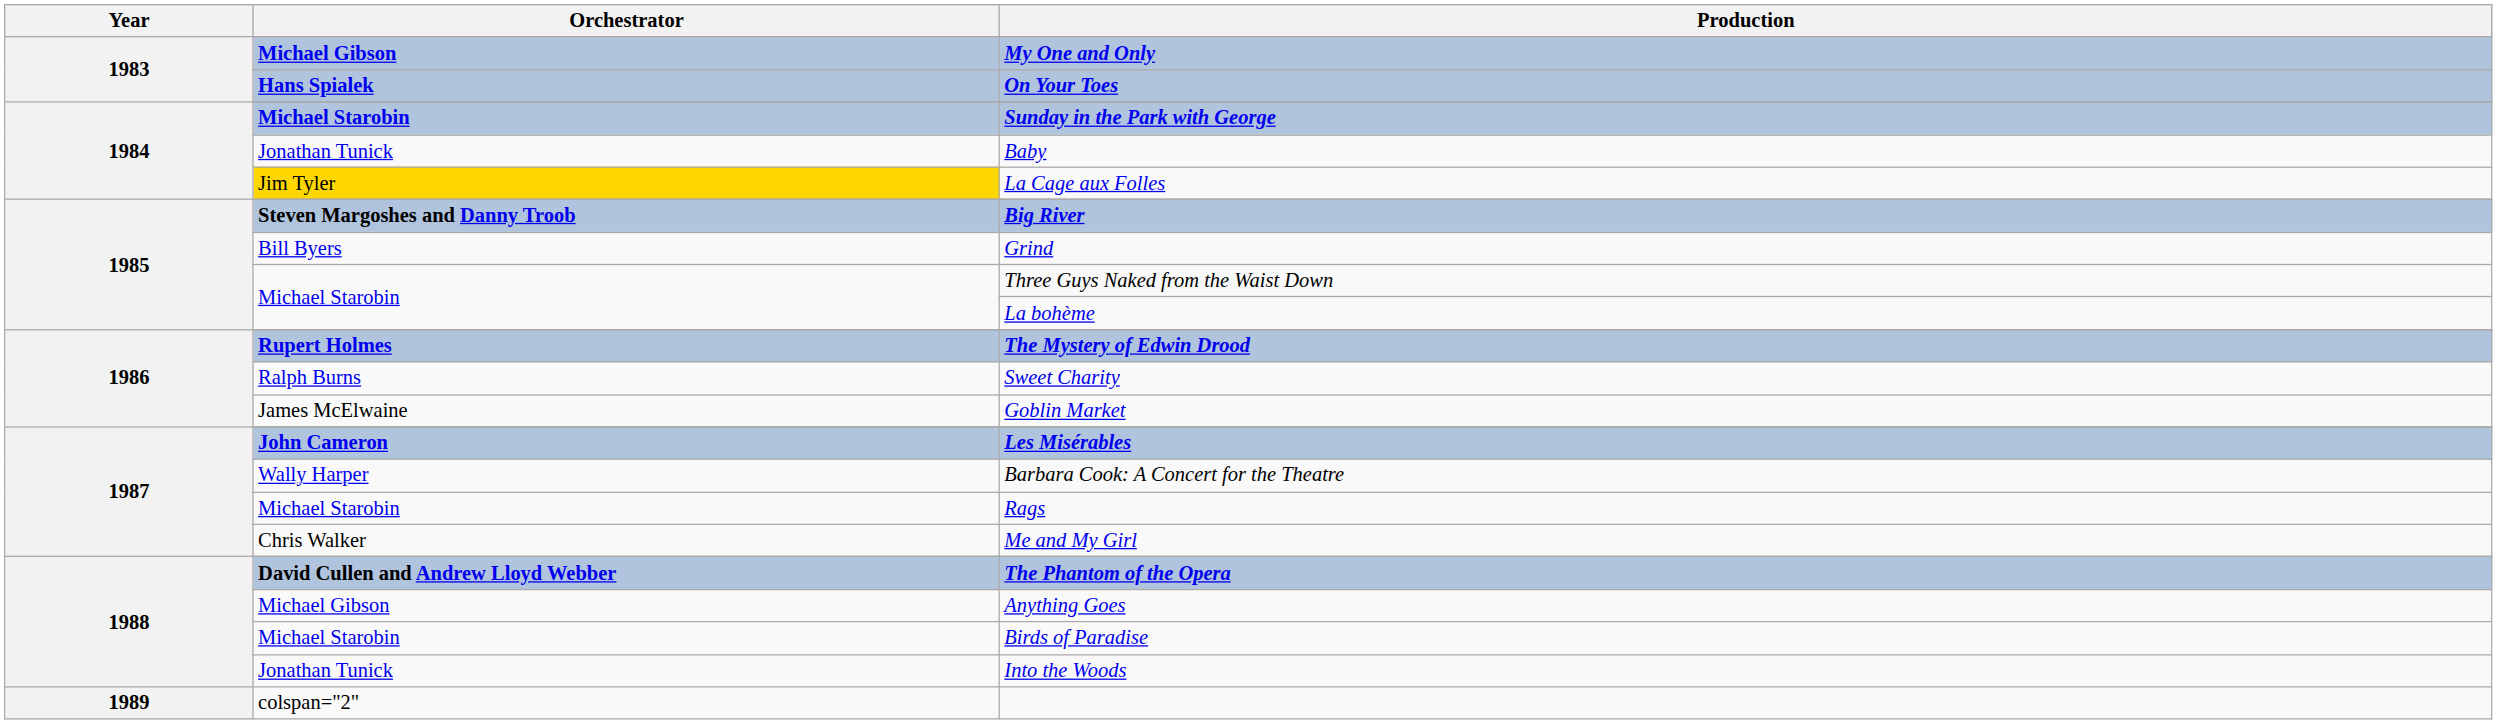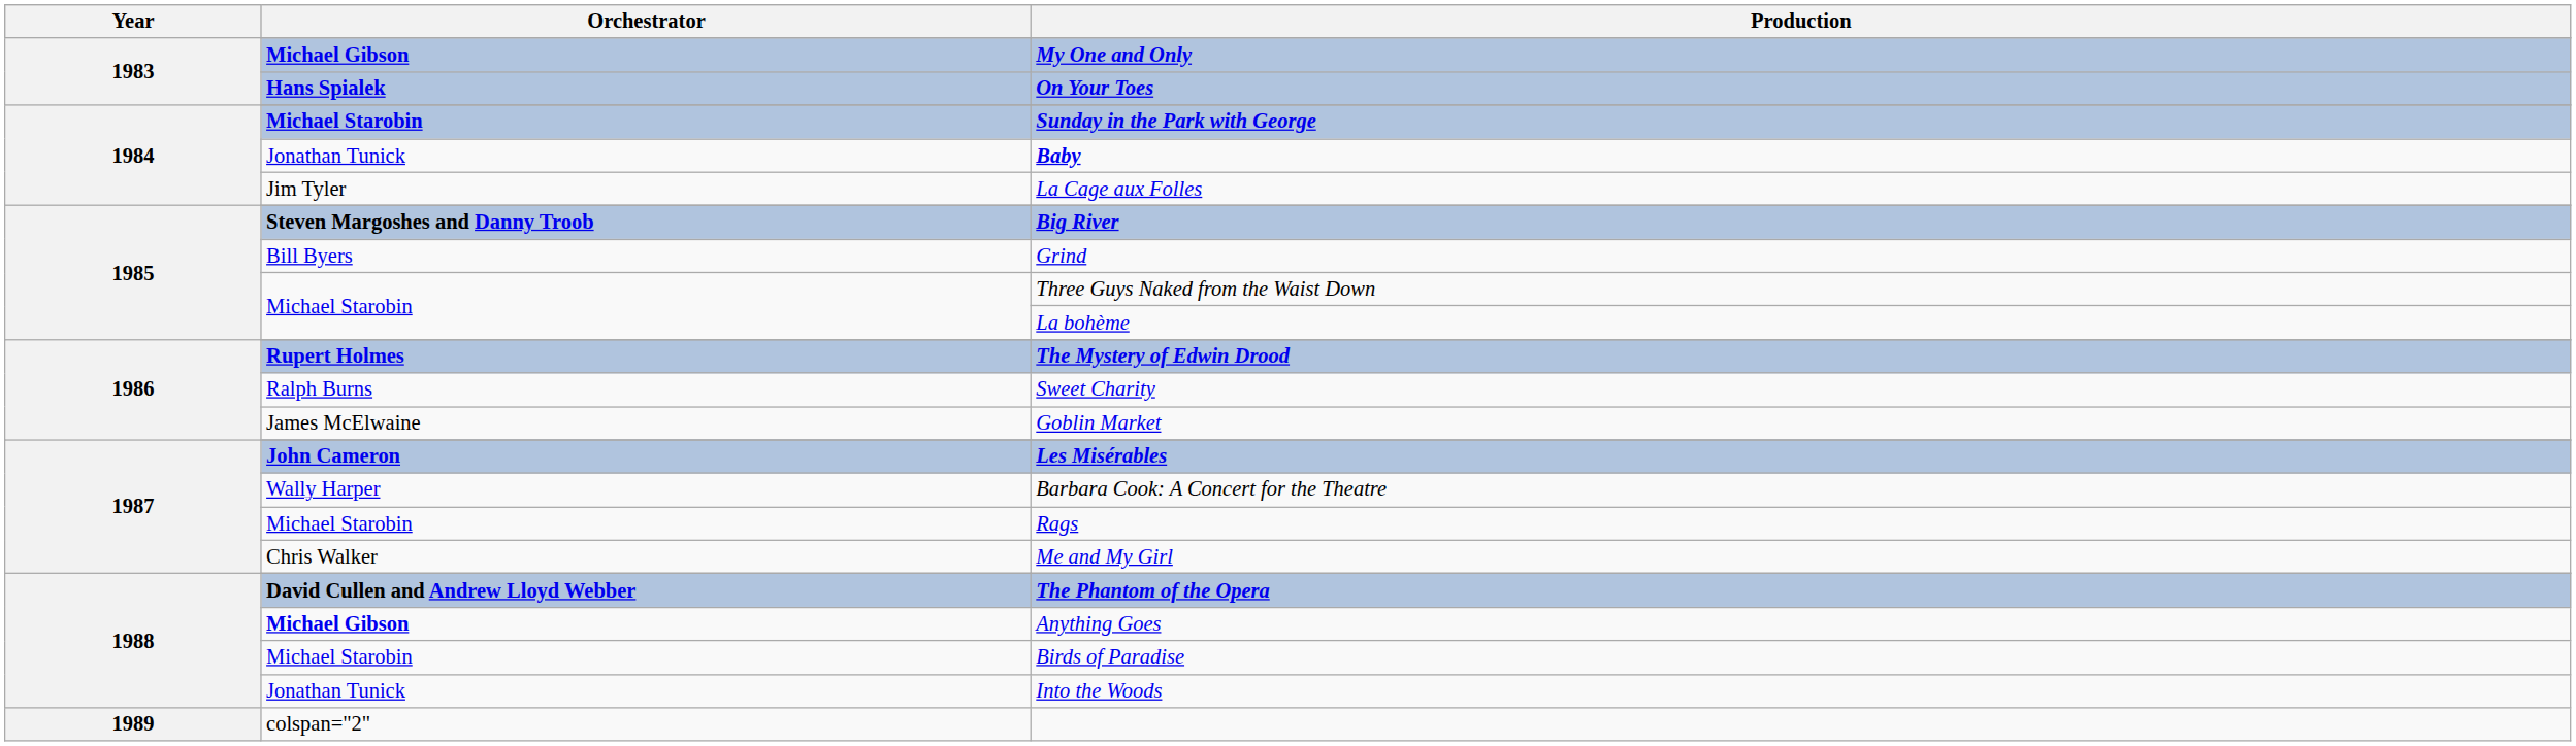 <table class="wikitable" style="width:98%;">
 <tr style="background:#bebebe;">
 <th style="width:10%;">Year</th>
 <th style="width:30%;">Orchestrator</th>
 <th style="width:60%;">Production</th>
 </tr>
 <tr>
 <th rowspan="3">1983</th>
 </tr>
 <tr style="background:#B0C4DE">
 <td><strong><a href='#'>Michael Gibson</a></strong></td>
 <td><strong><em><a href='#'>My One and Only</a></em></strong></td>
 </tr>
 <tr style="background:#B0C4DE">
 <td><strong><a href='#'>Hans Spialek</a></strong></td>
 <td><strong><em><a href='#'>On Your Toes</a></em></strong></td>
 </tr>
 <tr>
 <th rowspan="4">1984</th>
 </tr>
 <tr style="background:#B0C4DE">
 <td><strong><a href='#'>Michael Starobin</a></strong></td>
 <td><strong><em><a href='#'>Sunday in the Park with George</a></em></strong></td>
 </tr>
 <tr>
 <td><a href='#'>Jonathan Tunick</a></td>
-<td><em><a href='#'>Baby</a></em></td>
+<td><strong><em><a href='#'>Baby</a></em></strong></td>
 </tr>
 <tr>
-<td style="background: gold;">Jim Tyler</td>
+<td>Jim Tyler</td>
 <td><em><a href='#'>La Cage aux Folles</a></em></td>
 </tr>
 <tr>
 <th rowspan="5">1985</th>
 </tr>
 <tr style="background:#B0C4DE">
 <td><strong>Steven Margoshes and <a href='#'>Danny Troob</a></strong></td>
 <td><strong><em><a href='#'>Big River</a></em></strong></td>
 </tr>
 <tr>
 <td><a href='#'>Bill Byers</a></td>
 <td><em><a href='#'>Grind</a></em></td>
 </tr>
 <tr>
 <td rowspan="2"><a href='#'>Michael Starobin</a></td>
 <td><em>Three Guys Naked from the Waist Down</em></td>
 </tr>
 <tr>
 <td><em><a href='#'>La bohème</a></em></td>
 </tr>
 <tr>
 <th rowspan="4">1986</th>
 </tr>
 <tr style="background:#B0C4DE">
 <td><strong><a href='#'>Rupert Holmes</a></strong></td>
 <td><strong><em><a href='#'>The Mystery of Edwin Drood</a></em></strong></td>
 </tr>
 <tr>
 <td><a href='#'>Ralph Burns</a></td>
 <td><em><a href='#'>Sweet Charity</a></em></td>
 </tr>
 <tr>
 <td>James McElwaine</td>
 <td><em><a href='#'>Goblin Market</a></em></td>
 </tr>
 <tr>
 <th rowspan="5">1987</th>
 </tr>
 <tr style="background:#B0C4DE">
 <td><strong><a href='#'>John Cameron</a></strong></td>
 <td><strong><em><a href='#'>Les Misérables</a></em></strong></td>
 </tr>
 <tr>
 <td><a href='#'>Wally Harper</a></td>
 <td><em>Barbara Cook: A Concert for the Theatre</em></td>
 </tr>
 <tr>
 <td><a href='#'>Michael Starobin</a></td>
 <td><em><a href='#'>Rags</a></em></td>
 </tr>
 <tr>
 <td>Chris Walker</td>
 <td><em><a href='#'>Me and My Girl</a></em></td>
 </tr>
 <tr>
 <th rowspan="5">1988</th>
 </tr>
 <tr style="background:#B0C4DE">
 <td><strong>David Cullen and <a href='#'>Andrew Lloyd Webber</a></strong></td>
 <td><strong><em><a href='#'>The Phantom of the Opera</a></em></strong></td>
 </tr>
 <tr>
-<td><a href='#'>Michael Gibson</a></td>
+<td><strong><a href='#'>Michael Gibson</a></strong></td>
 <td><em><a href='#'>Anything Goes</a></em></td>
 </tr>
 <tr>
 <td><a href='#'>Michael Starobin</a></td>
 <td><em><a href='#'>Birds of Paradise</a></em></td>
 </tr>
 <tr>
 <td><a href='#'>Jonathan Tunick</a></td>
 <td><em><a href='#'>Into the Woods</a></em></td>
 </tr>
 <tr>
 <th align="center">1989</th>
 <td>colspan="2" </td>
 </tr>
 </table>
